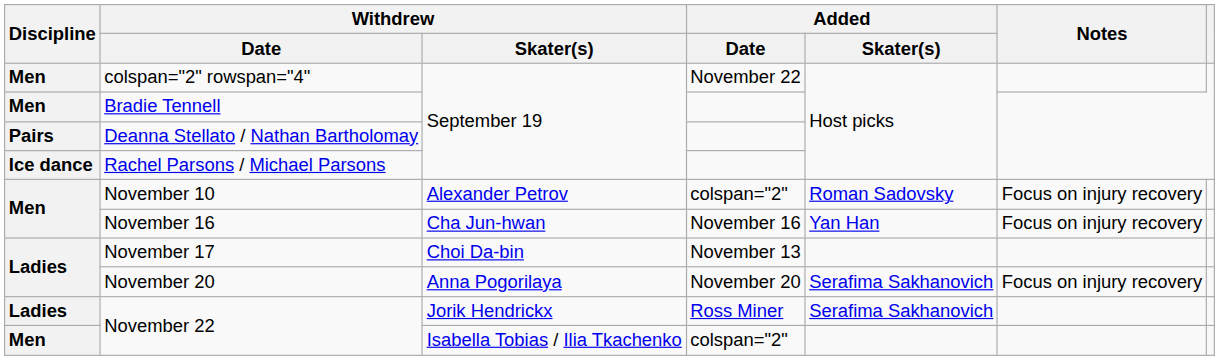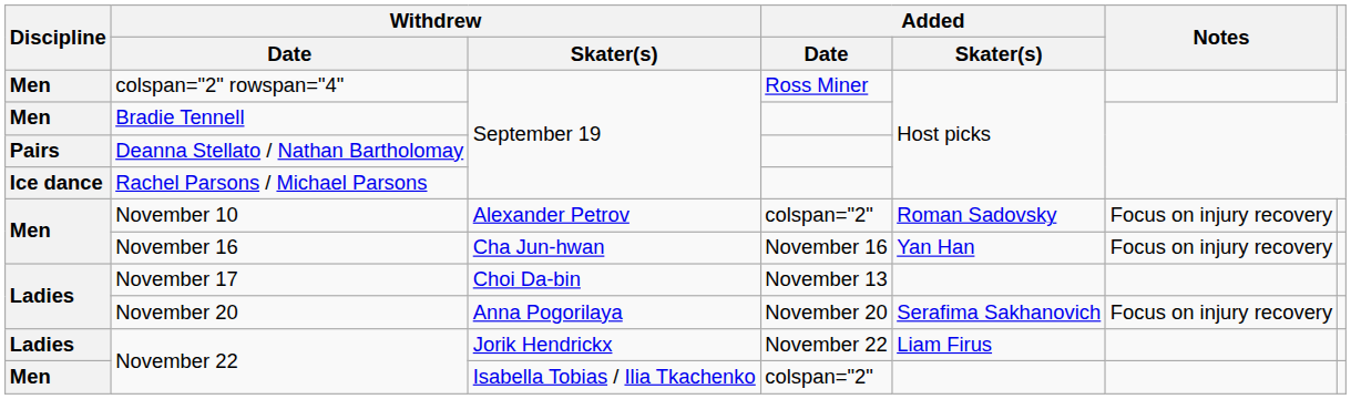 <table class="wikitable unsortable">
 <tr>
 <th scope="col" rowspan=2>Discipline</th>
 <th scope="col" colspan=2>Withdrew</th>
 <th scope="col" colspan=2>Added</th>
 <th scope="col" rowspan=2>Notes</th>
 <th scope="col" rowspan=2></th>
 </tr>
 <tr>
 <th>Date</th>
 <th>Skater(s)</th>
 <th>Date</th>
 <th>Skater(s)</th>
 </tr>
 <tr>
 <th scope="row" style="text-align:left">Men</th>
 <td>colspan="2" rowspan="4" </td>
 <td rowspan="4">September 19</td>
-<td>November 22</td>
+<td> <a href='#'>Ross Miner</a></td>
 <td rowspan="4">Host picks</td>
 <td></td>
 </tr>
 <tr>
 <th scope="row" style="text-align:left">Men</th>
 <td> <a href='#'>Bradie Tennell</a></td>
 <td></td>
 </tr>
 <tr>
 <th scope="row" style="text-align:left">Pairs</th>
 <td> <a href='#'>Deanna Stellato</a> / <a href='#'>Nathan Bartholomay</a></td>
 <td></td>
 </tr>
 <tr>
 <th scope="row" style="text-align:left">Ice dance</th>
 <td> <a href='#'>Rachel Parsons</a> / <a href='#'>Michael Parsons</a></td>
 <td></td>
 </tr>
 <tr>
 <th scope="row" style="text-align:left" rowspan="2">Men</th>
 <td>November 10</td>
 <td> <a href='#'>Alexander Petrov</a></td>
 <td>colspan="2" </td>
 <td> <a href='#'>Roman Sadovsky</a></td>
 <td>Focus on injury recovery</td>
 <td></td>
 </tr>
 <tr>
 <td>November 16</td>
 <td> <a href='#'>Cha Jun-hwan</a></td>
 <td>November 16</td>
 <td> <a href='#'>Yan Han</a></td>
 <td>Focus on injury recovery</td>
 <td></td>
 </tr>
 <tr>
 <th scope="row" style="text-align:left" rowspan="2">Ladies</th>
 <td>November 17</td>
 <td> <a href='#'>Choi Da-bin</a></td>
 <td>November 13</td>
 <td></td>
 <td></td>
 </tr>
 <tr>
 <td>November 20</td>
 <td> <a href='#'>Anna Pogorilaya</a></td>
 <td>November 20</td>
 <td> <a href='#'>Serafima Sakhanovich</a></td>
 <td>Focus on injury recovery</td>
 <td></td>
 </tr>
 <tr>
 <th scope="row" style="text-align:left">Ladies</th>
 <td rowspan="2">November 22</td>
 <td> <a href='#'>Jorik Hendrickx</a></td>
-<td> <a href='#'>Ross Miner</a></td>
-<td> <a href='#'>Serafima Sakhanovich</a></td>
+<td>November 22</td>
+<td> <a href='#'>Liam Firus</a></td>
 <td></td>
 <td></td>
 </tr>
 <tr>
 <th scope="row" style="text-align:left">Men</th>
 <td> <a href='#'>Isabella Tobias</a> / <a href='#'>Ilia Tkachenko</a></td>
 <td>colspan="2" </td>
 <td></td>
 <td></td>
 </tr>
 </table>
